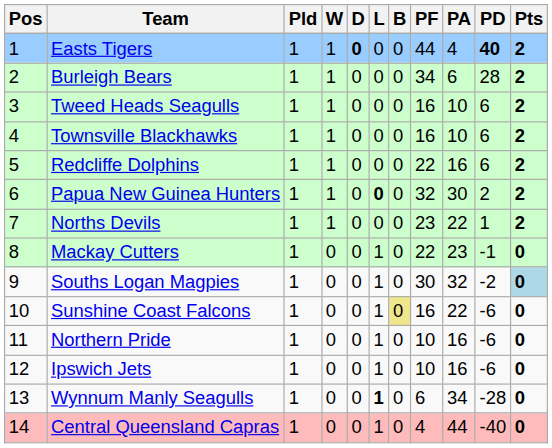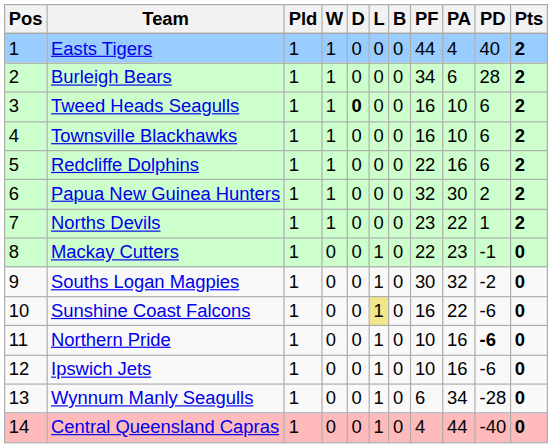 <table class="wikitable">
 <tr>
 <th>Pos</th>
 <th>Team</th>
 <th>Pld</th>
 <th>W</th>
 <th>D</th>
 <th>L</th>
 <th>B</th>
 <th>PF</th>
 <th>PA</th>
 <th>PD</th>
 <th>Pts</th>
 </tr>
 <tr>
 </tr>
 <tr>
 <td style="background: #99ccff;">1</td>
 <td style="background: #99ccff;"> <a href='#'>Easts Tigers</a></td>
 <td style="background: #99ccff;">1</td>
 <td style="background: #99ccff;">1</td>
-<td style="background: #99ccff;"><strong>0</strong></td>
+<td style="background: #99ccff;">0</td>
 <td style="background: #99ccff;">0</td>
 <td style="background: #99ccff;">0</td>
 <td style="background: #99ccff;">44</td>
 <td style="background: #99ccff;">4</td>
-<td style="background: #99ccff;"><strong>40</strong></td>
+<td style="background: #99ccff;">40</td>
 <td style="background: #99ccff;"><strong>2</strong></td>
 </tr>
 <tr>
 <td style="background: #ccffcc;">2</td>
 <td style="background: #ccffcc;"> <a href='#'>Burleigh Bears</a></td>
 <td style="background: #ccffcc;">1</td>
 <td style="background: #ccffcc;">1</td>
 <td style="background: #ccffcc;">0</td>
 <td style="background: #ccffcc;">0</td>
 <td style="background: #ccffcc;">0</td>
 <td style="background: #ccffcc;">34</td>
 <td style="background: #ccffcc;">6</td>
 <td style="background: #ccffcc;">28</td>
 <td style="background: #ccffcc;"><strong>2</strong></td>
 </tr>
 <tr>
 <td style="background: #ccffcc;">3</td>
 <td style="background: #ccffcc;"> <a href='#'>Tweed Heads Seagulls</a></td>
 <td style="background: #ccffcc;">1</td>
 <td style="background: #ccffcc;">1</td>
-<td style="background: #ccffcc;">0</td>
+<td style="background: #ccffcc;"><strong>0</strong></td>
 <td style="background: #ccffcc;">0</td>
 <td style="background: #ccffcc;">0</td>
 <td style="background: #ccffcc;">16</td>
 <td style="background: #ccffcc;">10</td>
 <td style="background: #ccffcc;">6</td>
 <td style="background: #ccffcc;"><strong>2</strong></td>
 </tr>
 <tr>
 <td style="background: #ccffcc;">4</td>
 <td style="background: #ccffcc;"> <a href='#'>Townsville Blackhawks</a></td>
 <td style="background: #ccffcc;">1</td>
 <td style="background: #ccffcc;">1</td>
 <td style="background: #ccffcc;">0</td>
 <td style="background: #ccffcc;">0</td>
 <td style="background: #ccffcc;">0</td>
 <td style="background: #ccffcc;">16</td>
 <td style="background: #ccffcc;">10</td>
 <td style="background: #ccffcc;">6</td>
 <td style="background: #ccffcc;"><strong>2</strong></td>
 </tr>
 <tr>
 <td style="background: #ccffcc;">5</td>
 <td style="background: #ccffcc;"> <a href='#'>Redcliffe Dolphins</a></td>
 <td style="background: #ccffcc;">1</td>
 <td style="background: #ccffcc;">1</td>
 <td style="background: #ccffcc;">0</td>
 <td style="background: #ccffcc;">0</td>
 <td style="background: #ccffcc;">0</td>
 <td style="background: #ccffcc;">22</td>
 <td style="background: #ccffcc;">16</td>
 <td style="background: #ccffcc;">6</td>
 <td style="background: #ccffcc;"><strong>2</strong></td>
 </tr>
 <tr>
 <td style="background: #ccffcc;">6</td>
 <td style="background: #ccffcc;"> <a href='#'>Papua New Guinea Hunters</a></td>
 <td style="background: #ccffcc;">1</td>
 <td style="background: #ccffcc;">1</td>
 <td style="background: #ccffcc;">0</td>
-<td style="background: #ccffcc;"><strong>0</strong></td>
+<td style="background: #ccffcc;">0</td>
 <td style="background: #ccffcc;">0</td>
 <td style="background: #ccffcc;">32</td>
 <td style="background: #ccffcc;">30</td>
 <td style="background: #ccffcc;">2</td>
 <td style="background: #ccffcc;"><strong>2</strong></td>
 </tr>
 <tr>
 <td style="background: #ccffcc;">7</td>
 <td style="background: #ccffcc;"> <a href='#'>Norths Devils</a></td>
 <td style="background: #ccffcc;">1</td>
 <td style="background: #ccffcc;">1</td>
 <td style="background: #ccffcc;">0</td>
 <td style="background: #ccffcc;">0</td>
 <td style="background: #ccffcc;">0</td>
 <td style="background: #ccffcc;">23</td>
 <td style="background: #ccffcc;">22</td>
 <td style="background: #ccffcc;">1</td>
 <td style="background: #ccffcc;"><strong>2</strong></td>
 </tr>
 <tr>
 <td style="background: #ccffcc;">8</td>
 <td style="background: #ccffcc;"> <a href='#'>Mackay Cutters</a></td>
 <td style="background: #ccffcc;">1</td>
 <td style="background: #ccffcc;">0</td>
 <td style="background: #ccffcc;">0</td>
 <td style="background: #ccffcc;">1</td>
 <td style="background: #ccffcc;">0</td>
 <td style="background: #ccffcc;">22</td>
 <td style="background: #ccffcc;">23</td>
 <td style="background: #ccffcc;">-1</td>
 <td style="background: #ccffcc;"><strong>0</strong></td>
 </tr>
 <tr>
 <td>9</td>
 <td> <a href='#'>Souths Logan Magpies</a></td>
 <td>1</td>
 <td>0</td>
 <td>0</td>
 <td>1</td>
 <td>0</td>
 <td>30</td>
 <td>32</td>
 <td>-2</td>
-<td style="background: lightblue;"><strong>0</strong></td>
+<td><strong>0</strong></td>
 </tr>
 <tr>
 <td>10</td>
 <td> <a href='#'>Sunshine Coast Falcons</a></td>
 <td>1</td>
 <td>0</td>
 <td>0</td>
-<td>1</td>
-<td style="background: khaki;">0</td>
+<td style="background: khaki;">1</td>
+<td>0</td>
 <td>16</td>
 <td>22</td>
 <td>-6</td>
 <td><strong>0</strong></td>
 </tr>
 <tr>
 <td>11</td>
 <td> <a href='#'>Northern Pride</a></td>
 <td>1</td>
 <td>0</td>
 <td>0</td>
 <td>1</td>
 <td>0</td>
 <td>10</td>
 <td>16</td>
-<td>-6</td>
+<td><strong>-6</strong></td>
 <td><strong>0</strong></td>
 </tr>
 <tr>
 <td>12</td>
 <td> <a href='#'>Ipswich Jets</a></td>
 <td>1</td>
 <td>0</td>
 <td>0</td>
 <td>1</td>
 <td>0</td>
 <td>10</td>
 <td>16</td>
 <td>-6</td>
 <td><strong>0</strong></td>
 </tr>
 <tr>
 <td>13</td>
 <td> <a href='#'>Wynnum Manly Seagulls</a></td>
 <td>1</td>
 <td>0</td>
 <td>0</td>
-<td><strong>1</strong></td>
+<td>1</td>
 <td>0</td>
 <td>6</td>
 <td>34</td>
 <td>-28</td>
 <td><strong>0</strong></td>
 </tr>
 <tr>
 <td style="background: #ffbbbb;">14</td>
 <td style="background: #ffbbbb;"> <a href='#'>Central Queensland Capras</a></td>
 <td style="background: #ffbbbb;">1</td>
 <td style="background: #ffbbbb;">0</td>
 <td style="background: #ffbbbb;">0</td>
 <td style="background: #ffbbbb;">1</td>
 <td style="background: #ffbbbb;">0</td>
 <td style="background: #ffbbbb;">4</td>
 <td style="background: #ffbbbb;">44</td>
 <td style="background: #ffbbbb;">-40</td>
 <td style="background: #ffbbbb;"><strong>0</strong></td>
 </tr>
 </table>
